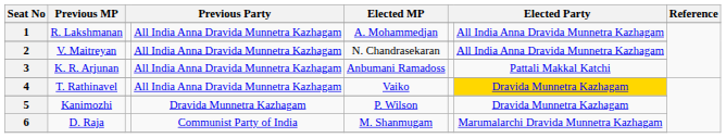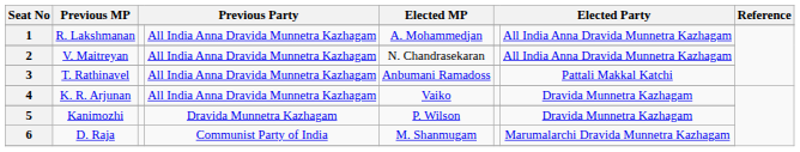 <table class="wikitable">
 <tr>
 <th>Seat No</th>
 <th>Previous MP</th>
 <th colspan=2>Previous Party</th>
 <th>Elected MP</th>
 <th colspan=2>Elected Party</th>
 <th>Reference</th>
 </tr>
 <tr>
 </tr>
 <tr style="text-align:center;">
 <th>1</th>
 <td><a href='#'>R. Lakshmanan</a></td>
 <td width="1px"></td>
 <td><a href='#'>All India Anna Dravida Munnetra Kazhagam</a></td>
 <td><a href='#'>A. Mohammedjan</a></td>
 <td width="1px"></td>
 <td><a href='#'>All India Anna Dravida Munnetra Kazhagam</a></td>
 <td rowspan=6></td>
 </tr>
 <tr>
 </tr>
 <tr style="text-align:center;">
 <th>2</th>
 <td><a href='#'>V. Maitreyan</a></td>
 <td width="1px"></td>
 <td><a href='#'>All India Anna Dravida Munnetra Kazhagam</a></td>
 <td>N. Chandrasekaran</td>
 <td width="1px"></td>
 <td><a href='#'>All India Anna Dravida Munnetra Kazhagam</a></td>
 </tr>
 <tr>
 </tr>
 <tr style="text-align:center;">
 <th>3</th>
-<td><a href='#'>K. R. Arjunan</a></td>
+<td><a href='#'>T. Rathinavel</a></td>
 <td width="1px"></td>
 <td><a href='#'>All India Anna Dravida Munnetra Kazhagam</a></td>
 <td><a href='#'>Anbumani Ramadoss</a></td>
 <td width="1px"></td>
 <td><a href='#'>Pattali Makkal Katchi</a></td>
 </tr>
 <tr>
 </tr>
 <tr style="text-align:center;">
 <th>4</th>
-<td><a href='#'>T. Rathinavel</a></td>
+<td><a href='#'>K. R. Arjunan</a></td>
 <td width="1px"></td>
 <td><a href='#'>All India Anna Dravida Munnetra Kazhagam</a></td>
 <td><a href='#'>Vaiko</a></td>
 <td width="1px"></td>
-<td style="background: gold;"><a href='#'>Dravida Munnetra Kazhagam</a></td>
+<td><a href='#'>Dravida Munnetra Kazhagam</a></td>
 </tr>
 <tr>
 </tr>
 <tr style="text-align:center;">
 <th>5</th>
 <td><a href='#'>Kanimozhi</a></td>
 <td width="1px"></td>
 <td><a href='#'>Dravida Munnetra Kazhagam</a></td>
 <td><a href='#'>P. Wilson</a></td>
 <td width="1px"></td>
 <td><a href='#'>Dravida Munnetra Kazhagam</a></td>
 </tr>
 <tr style="text-align:center;">
 <th>6</th>
 <td><a href='#'>D. Raja</a></td>
 <td width="1px"></td>
 <td><a href='#'>Communist Party of India</a></td>
 <td><a href='#'>M. Shanmugam</a></td>
 <td width="1px"></td>
 <td><a href='#'>Marumalarchi Dravida Munnetra Kazhagam</a></td>
 </tr>
 <tr>
 </tr>
 </table>
